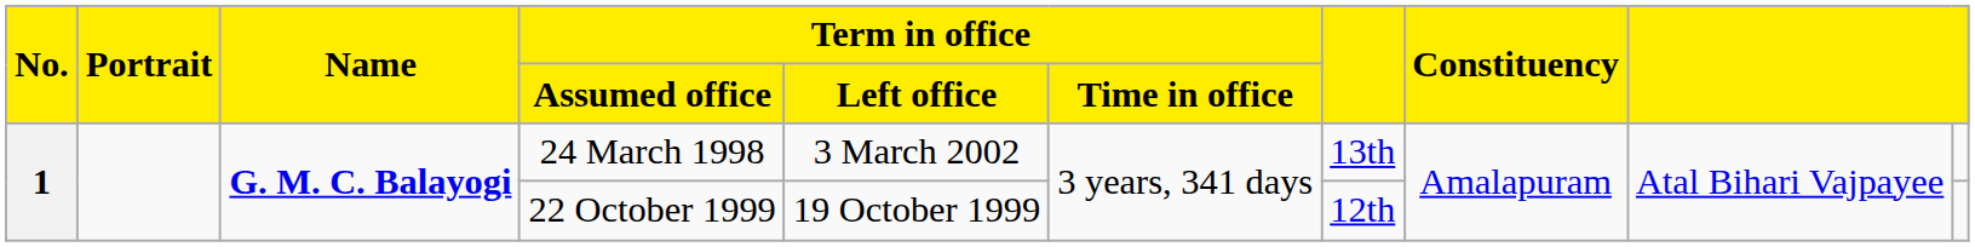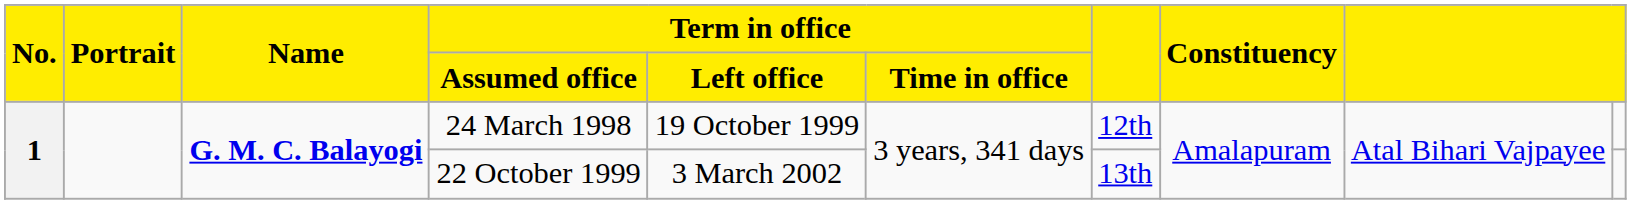 <table class="wikitable sortable" style="text-align:center;">
 <tr>
 <th rowspan=2 style="background-color:#FFED00;color:black">No.</th>
 <th rowspan=2 style="background-color:#FFED00;color:black">Portrait</th>
 <th rowspan=2 style="background-color:#FFED00;color:black">Name<br></th>
 <th colspan=3 style="background-color:#FFED00;color:black">Term in office</th>
 <th rowspan=2 style="background-color:#FFED00;color:black"><a href='#'></a><br></th>
 <th rowspan=2 style="background-color:#FFED00;color:black">Constituency</th>
 <th rowspan=2 colspan=2 style="background-color:#FFED00;color:black"><a href='#'></a></th>
 </tr>
 <tr>
 <th style="background-color:#FFED00;color:black">Assumed office</th>
 <th style="background-color:#FFED00;color:black">Left office</th>
 <th style="background-color:#FFED00;color:black">Time in office</th>
 </tr>
 <tr>
 <th rowspan=2>1</th>
 <td rowspan=2></td>
 <td rowspan=2><strong><a href='#'>G. M. C. Balayogi</a></strong><br></td>
 <td>24 March 1998</td>
-<td>3 March 2002</td>
+<td>19 October 1999</td>
 <td rowspan=2>3 years, 341 days</td>
-<td><a href='#'>13th</a><br></td>
+<td><a href='#'>12th</a><br></td>
 <td rowspan=2><a href='#'>Amalapuram</a></td>
 <td rowspan=2><a href='#'>Atal Bihari Vajpayee</a></td>
 <td></td>
 </tr>
 <tr>
 <td>22 October 1999</td>
-<td>19 October 1999</td>
-<td><a href='#'>12th</a><br></td>
+<td>3 March 2002</td>
+<td><a href='#'>13th</a><br></td>
 </tr>
 </table>
